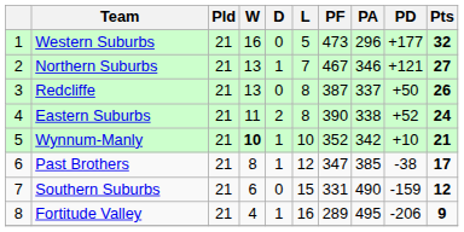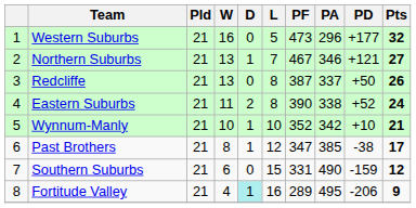 <table class="wikitable" style="text-align:center;">
 <tr>
 <th width=20 abbr="Position×"></th>
 <th width=175>Team</th>
 <th width=20 abbr="Played">Pld</th>
 <th width=20 abbr="Won">W</th>
 <th width=20 abbr="Drawn">D</th>
 <th width=20 abbr="Lost">L</th>
 <th width=20 abbr="Points for">PF</th>
 <th width=20 abbr="Points against">PA</th>
 <th width=20 abbr="Points difference">PD</th>
 <th width=20 abbr="Points">Pts</th>
 </tr>
 <tr style="background: #ccffcc;">
 <td>1</td>
 <td style="text-align:left;"> <a href='#'>Western Suburbs</a></td>
 <td>21</td>
 <td>16</td>
 <td>0</td>
 <td>5</td>
 <td>473</td>
 <td>296</td>
 <td>+177</td>
 <td><strong>32</strong></td>
 </tr>
 <tr style="background: #ccffcc;">
 <td>2</td>
 <td style="text-align:left;"> <a href='#'>Northern Suburbs</a></td>
 <td>21</td>
 <td>13</td>
 <td>1</td>
 <td>7</td>
 <td>467</td>
 <td>346</td>
 <td>+121</td>
 <td><strong>27</strong></td>
 </tr>
 <tr style="background: #ccffcc;">
 <td>3</td>
 <td style="text-align:left;"> <a href='#'>Redcliffe</a></td>
 <td>21</td>
 <td>13</td>
 <td>0</td>
 <td>8</td>
 <td>387</td>
 <td>337</td>
 <td>+50</td>
 <td><strong>26</strong></td>
 </tr>
 <tr style="background: #ccffcc;">
 <td>4</td>
 <td style="text-align:left;"> <a href='#'>Eastern Suburbs</a></td>
 <td>21</td>
 <td>11</td>
 <td>2</td>
 <td>8</td>
 <td>390</td>
 <td>338</td>
 <td>+52</td>
 <td><strong>24</strong></td>
 </tr>
 <tr style="background: #ccffcc;">
 <td>5</td>
 <td style="text-align:left;"> <a href='#'>Wynnum-Manly</a></td>
 <td>21</td>
-<td><strong>10</strong></td>
+<td>10</td>
 <td>1</td>
 <td>10</td>
 <td>352</td>
 <td>342</td>
 <td>+10</td>
 <td><strong>21</strong></td>
 </tr>
 <tr>
 <td>6</td>
 <td style="text-align:left;"> <a href='#'>Past Brothers</a></td>
 <td>21</td>
 <td>8</td>
 <td>1</td>
 <td>12</td>
 <td>347</td>
 <td>385</td>
 <td>-38</td>
 <td><strong>17</strong></td>
 </tr>
 <tr>
 <td>7</td>
 <td style="text-align:left;"> <a href='#'>Southern Suburbs</a></td>
 <td>21</td>
 <td>6</td>
 <td>0</td>
 <td>15</td>
 <td>331</td>
 <td>490</td>
 <td>-159</td>
 <td><strong>12</strong></td>
 </tr>
 <tr>
 <td>8</td>
 <td style="text-align:left;"> <a href='#'>Fortitude Valley</a></td>
 <td>21</td>
 <td>4</td>
-<td>1</td>
+<td style="background: paleturquoise;">1</td>
 <td>16</td>
 <td>289</td>
 <td>495</td>
 <td>-206</td>
 <td><strong>9</strong></td>
 </tr>
 <tr>
 </tr>
 </table>
